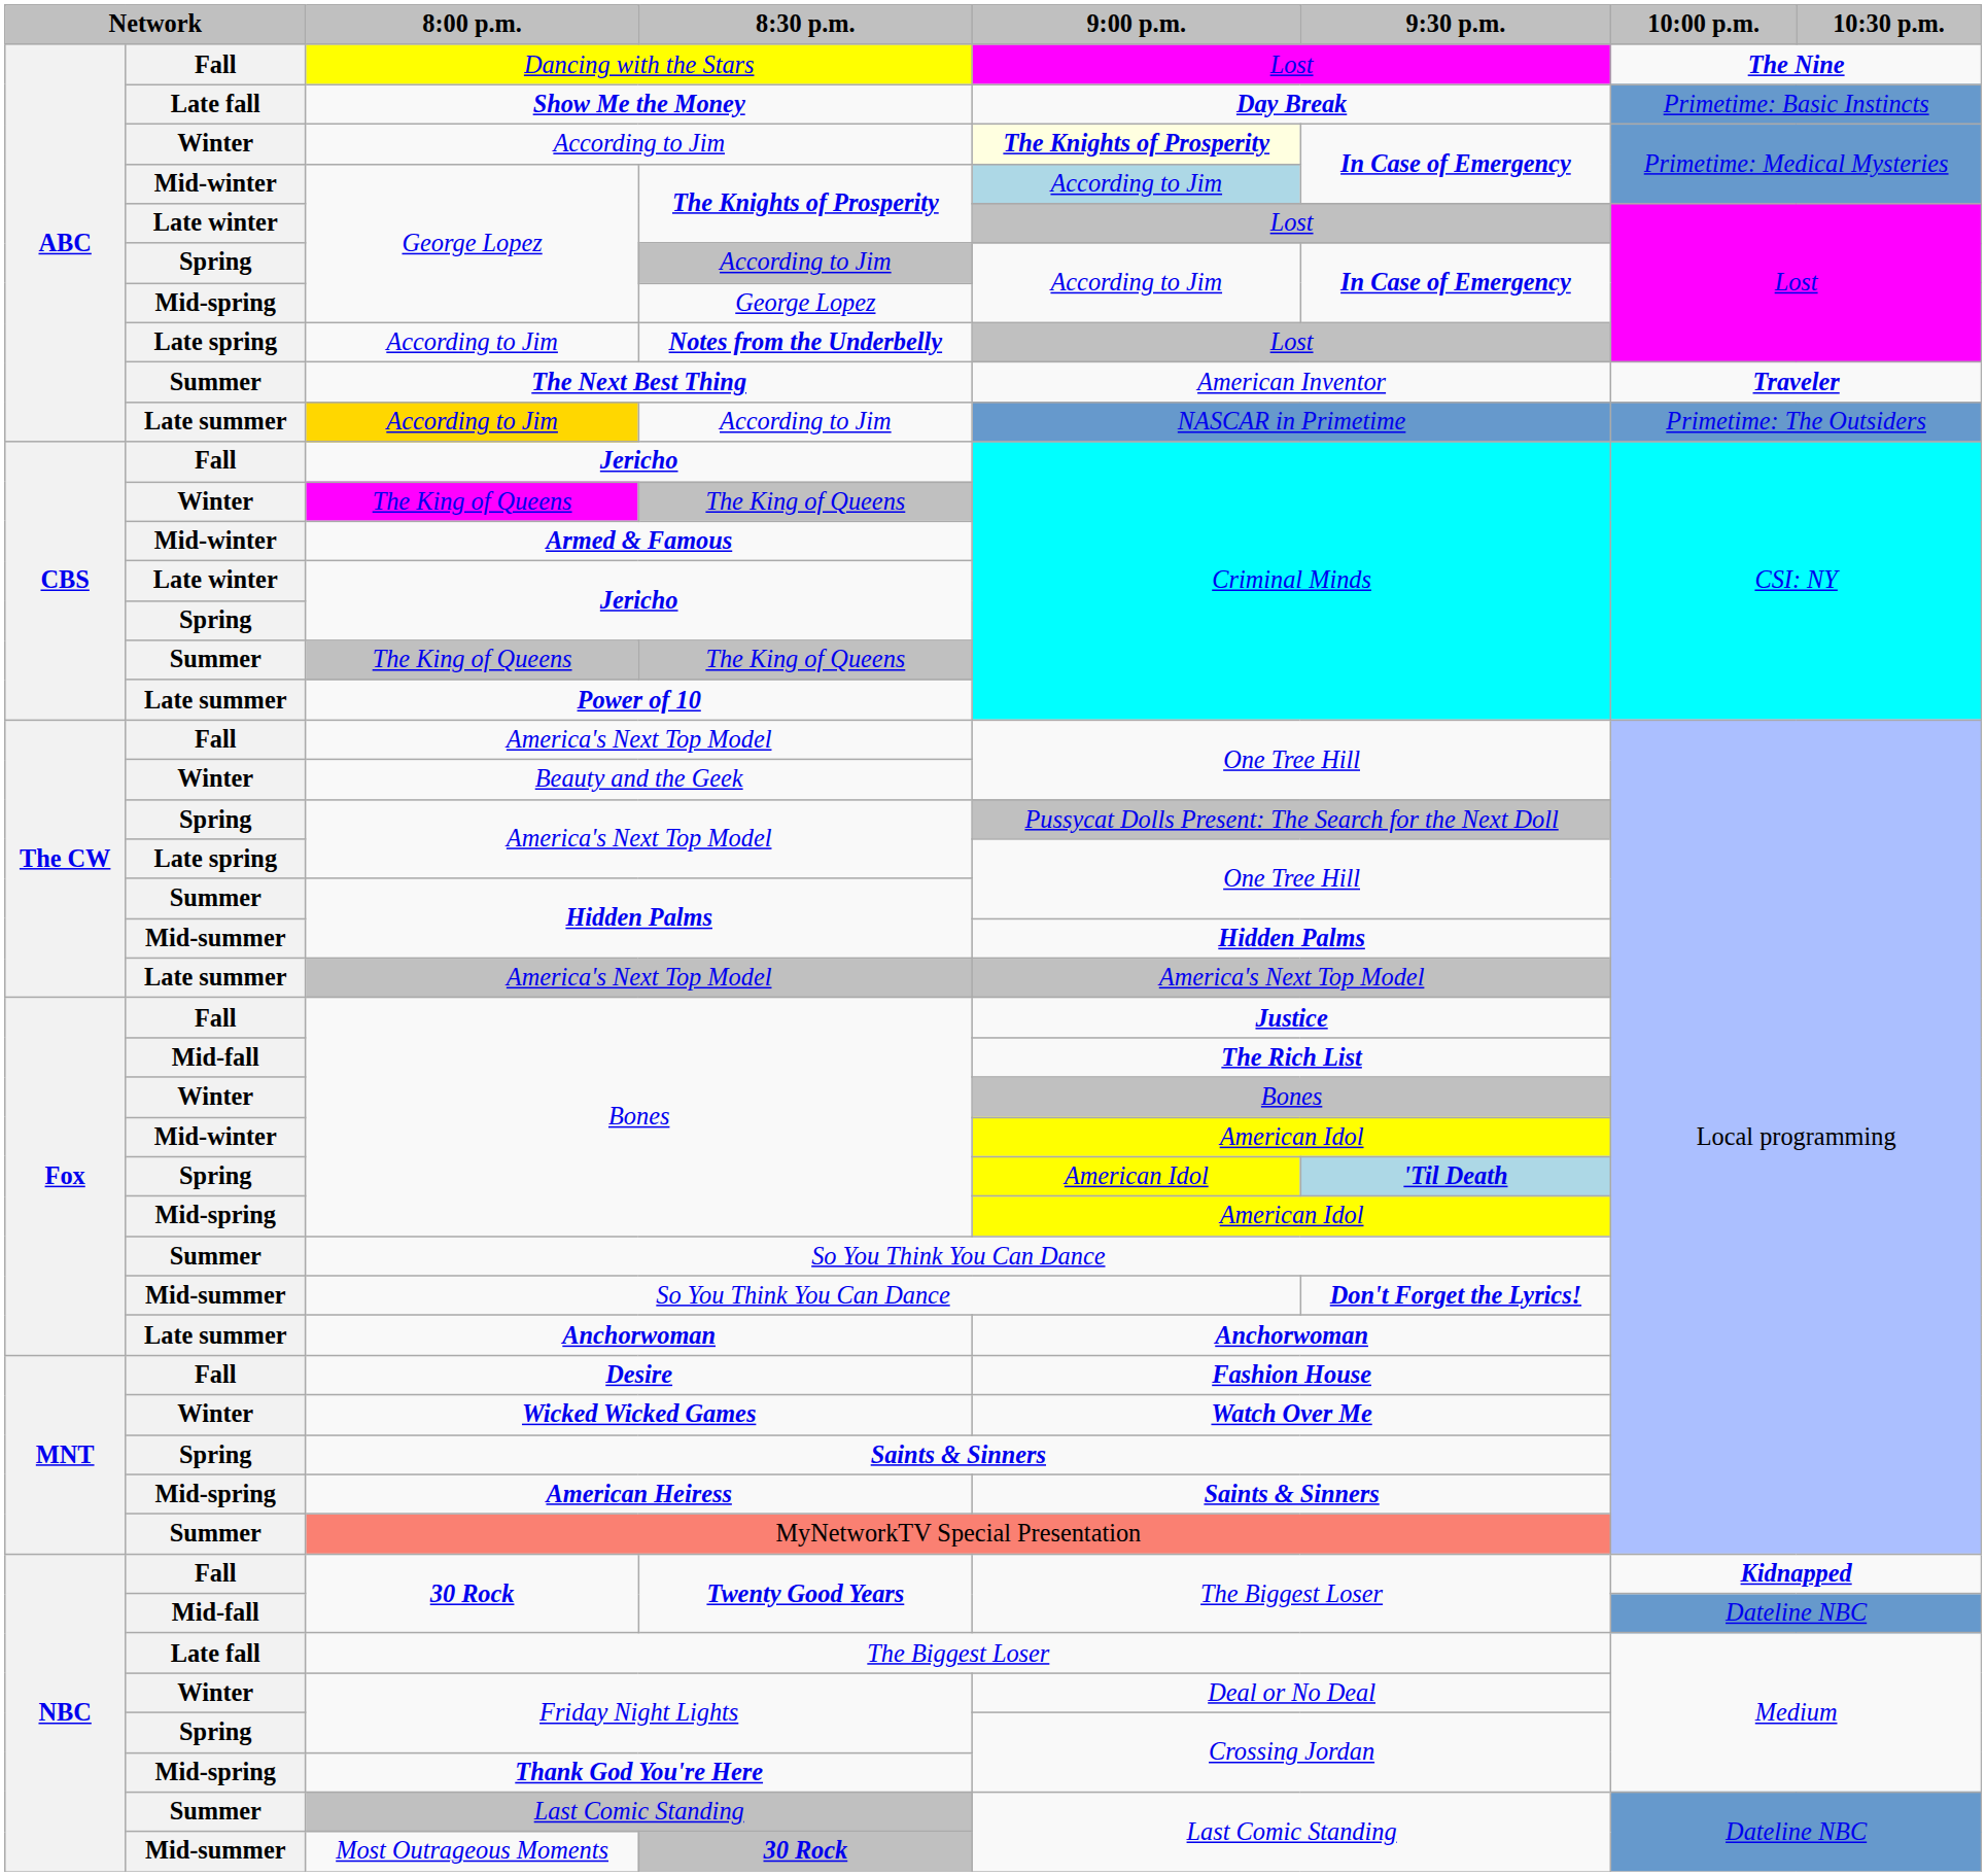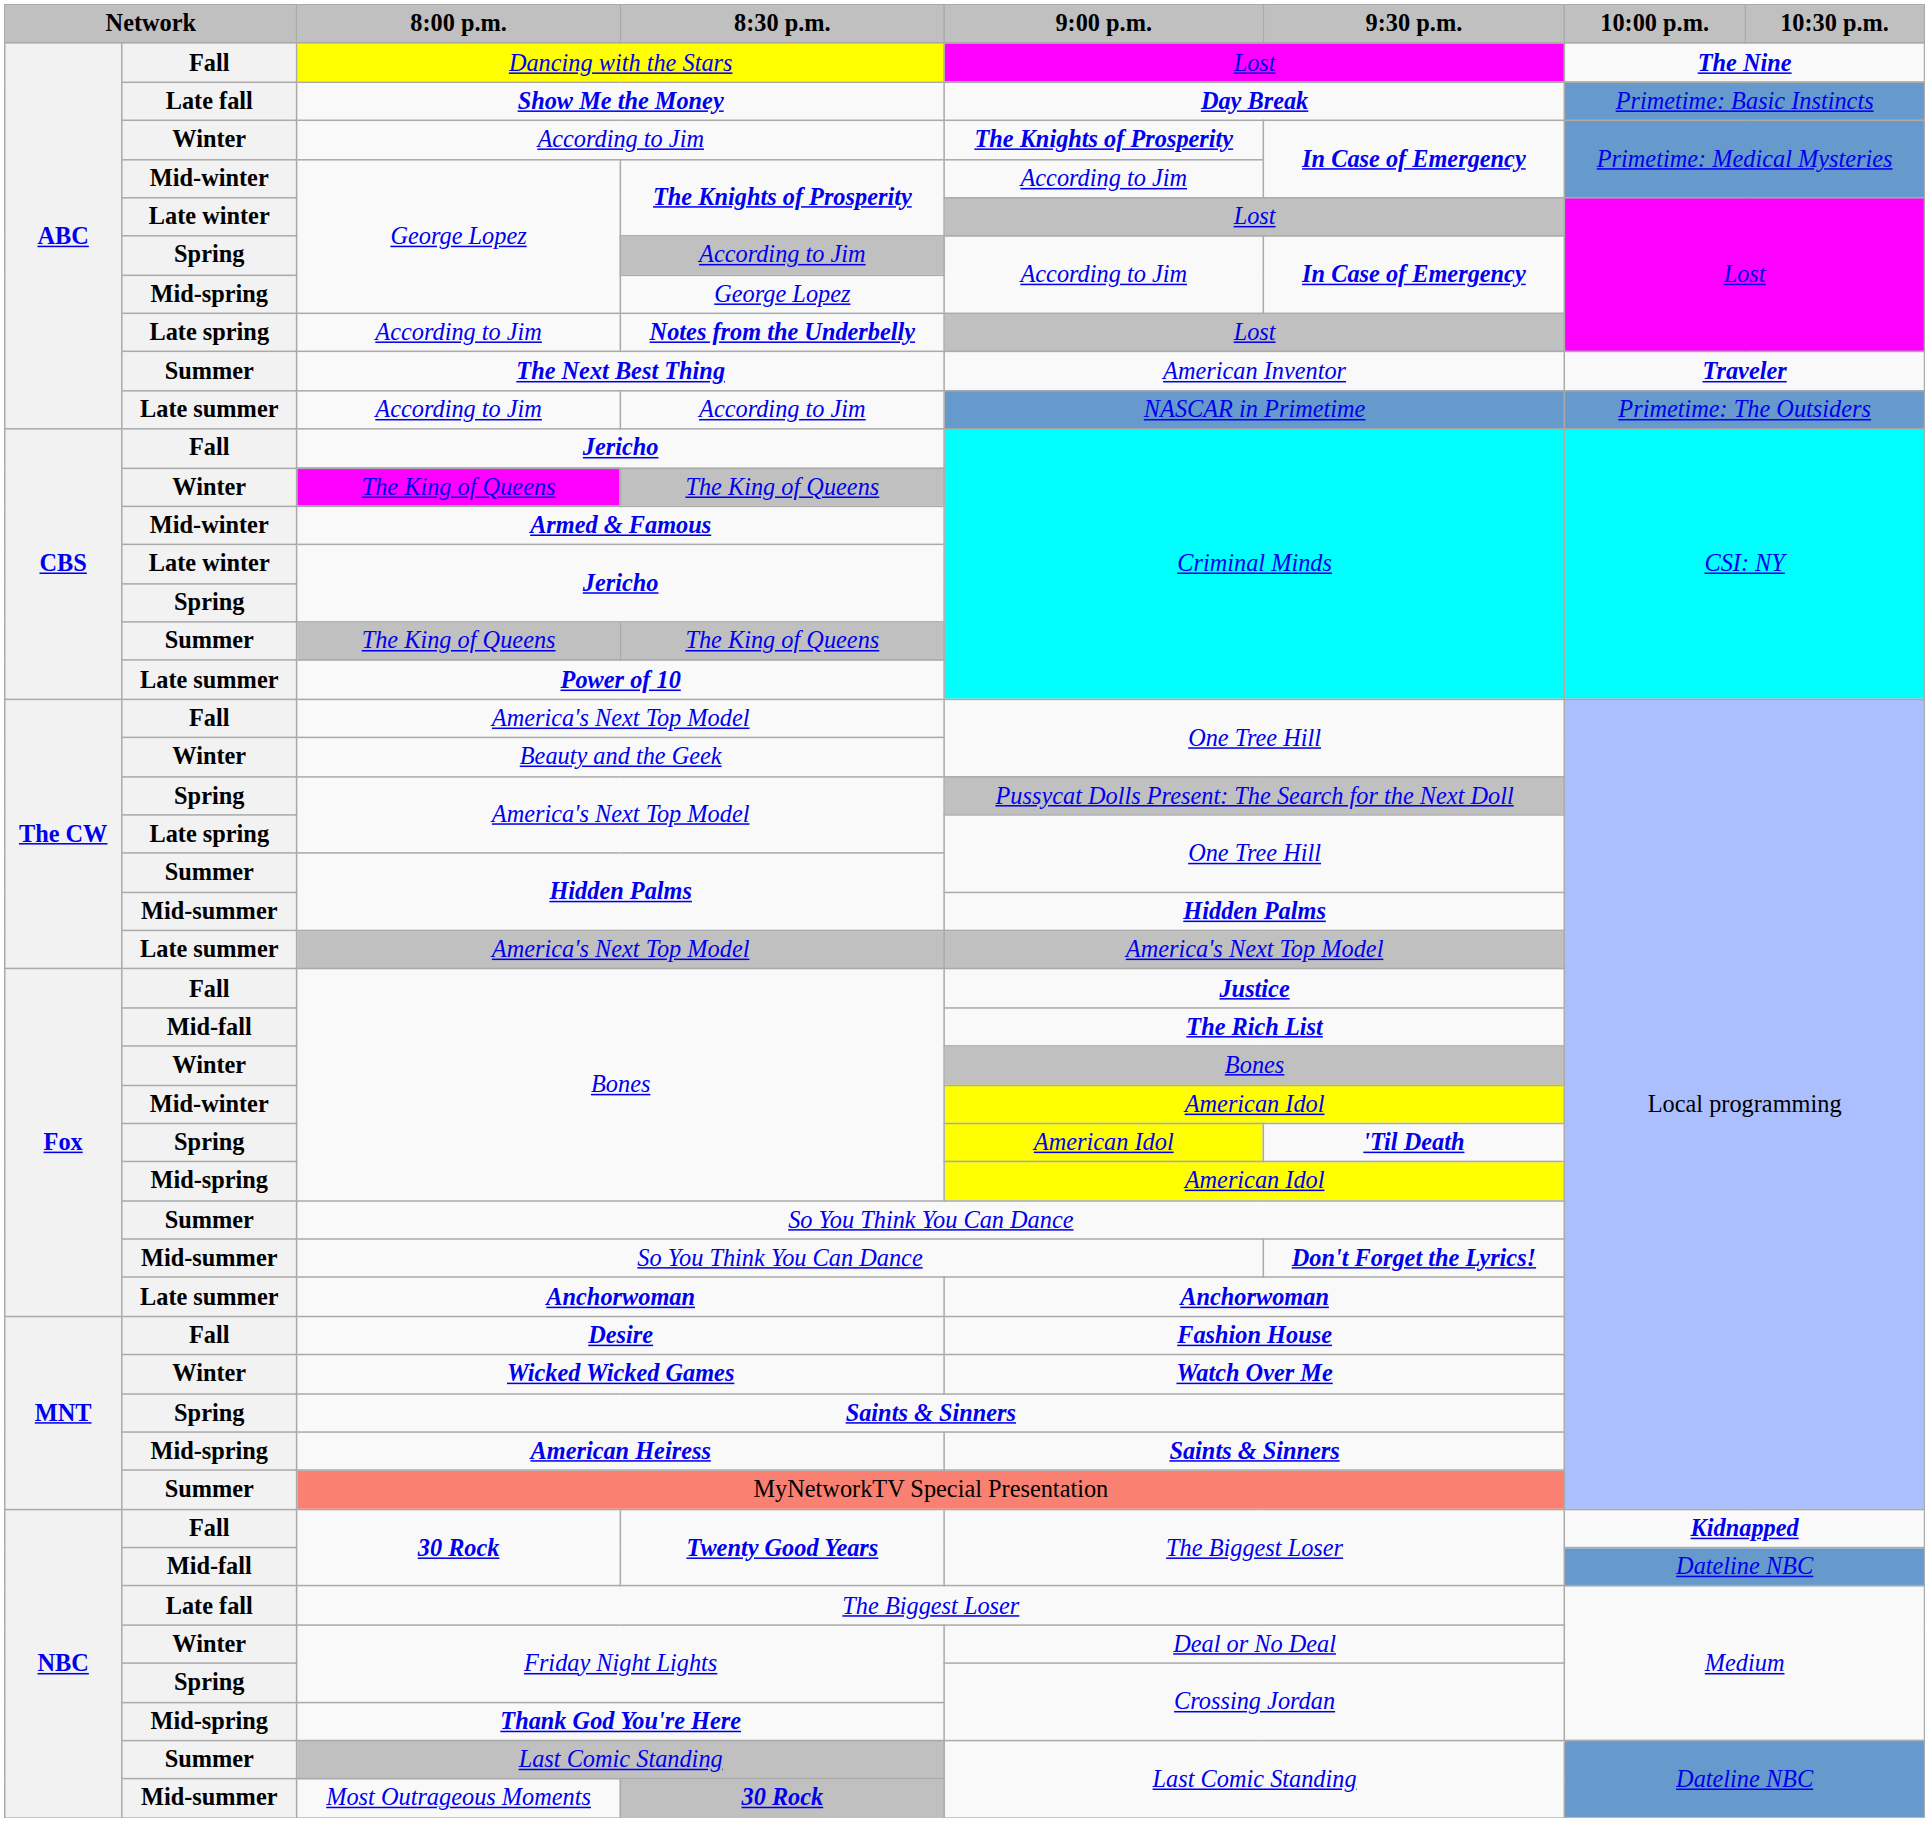 <table class="wikitable" style="width:100%;margin-right:0;text-align:center">
 <tr>
 <th colspan="2" style="background-color:#C0C0C0;text-align:center">Network</th>
 <th style="background-color:#C0C0C0;text-align:center">8:00 p.m.</th>
 <th style="background-color:#C0C0C0;text-align:center">8:30 p.m.</th>
 <th style="background-color:#C0C0C0;text-align:center">9:00 p.m.</th>
 <th style="background-color:#C0C0C0;text-align:center">9:30 p.m.</th>
 <th style="background-color:#C0C0C0;text-align:center">10:00 p.m.</th>
 <th style="background-color:#C0C0C0;text-align:center">10:30 p.m.</th>
 </tr>
 <tr>
 <th rowspan="10"><a href='#'>ABC</a></th>
 <th>Fall</th>
 <td colspan="2" style="background:yellow;"><em><a href='#'>Dancing with the Stars</a></em> </td>
 <td colspan="2" style="background:magenta;"><em><a href='#'>Lost</a></em> </td>
 <td colspan="2"><strong><em><a href='#'>The Nine</a></em></strong></td>
 </tr>
 <tr>
 <th>Late fall</th>
 <td colspan="2"><strong><em><a href='#'>Show Me the Money</a></em></strong></td>
 <td colspan="2"><strong><em><a href='#'>Day Break</a></em></strong></td>
 <td style="background:#6699CC;" colspan="2"><em><a href='#'>Primetime: Basic Instincts</a></em></td>
 </tr>
 <tr>
 <th>Winter</th>
 <td colspan="2"><em><a href='#'>According to Jim</a></em></td>
-<td style="background: lightyellow;"><strong><em><a href='#'>The Knights of Prosperity</a></em></strong></td>
+<td><strong><em><a href='#'>The Knights of Prosperity</a></em></strong></td>
 <td rowspan="2"><strong><em><a href='#'>In Case of Emergency</a></em></strong></td>
 <td style="background:#6699CC;" colspan="2" rowspan="2"><em><a href='#'>Primetime: Medical Mysteries</a></em></td>
 </tr>
 <tr>
 <th>Mid-winter</th>
 <td rowspan="4"><em><a href='#'>George Lopez</a></em></td>
 <td rowspan="2"><strong><em><a href='#'>The Knights of Prosperity</a></em></strong></td>
-<td style="background: lightblue;"><em><a href='#'>According to Jim</a></em></td>
+<td><em><a href='#'>According to Jim</a></em></td>
 </tr>
 <tr>
 <th>Late winter</th>
 <td style="background:#C0C0C0;" colspan="2"><em><a href='#'>Lost</a></em> </td>
 <td colspan="2" rowspan="4" style="background:magenta;"><em><a href='#'>Lost</a></em> </td>
 </tr>
 <tr>
 <th>Spring</th>
 <td style="background:#C0C0C0;"><em><a href='#'>According to Jim</a></em> </td>
 <td rowspan="2"><em><a href='#'>According to Jim</a></em></td>
 <td rowspan="2"><strong><em><a href='#'>In Case of Emergency</a></em></strong></td>
 </tr>
 <tr>
 <th>Mid-spring</th>
 <td><em><a href='#'>George Lopez</a></em></td>
 </tr>
 <tr>
 <th>Late spring</th>
 <td><em><a href='#'>According to Jim</a></em></td>
 <td><strong><em><a href='#'>Notes from the Underbelly</a></em></strong></td>
 <td style="background:#C0C0C0;" colspan="2"><em><a href='#'>Lost</a></em> </td>
 </tr>
 <tr>
 <th>Summer</th>
 <td colspan="2"><strong><em><a href='#'>The Next Best Thing</a></em></strong></td>
 <td colspan="2"><em><a href='#'>American Inventor</a></em></td>
 <td colspan="2"><strong><em><a href='#'>Traveler</a></em></strong></td>
 </tr>
 <tr>
 <th>Late summer</th>
-<td style="background: gold;"><em><a href='#'>According to Jim</a></em></td>
+<td><em><a href='#'>According to Jim</a></em></td>
 <td><em><a href='#'>According to Jim</a></em></td>
 <td style="background:#6699CC;" colspan="2"><em><a href='#'>NASCAR in Primetime</a></em></td>
 <td style="background:#6699CC;" colspan="2"><em><a href='#'>Primetime: The Outsiders</a></em></td>
 </tr>
 <tr>
 <th rowspan="7"><a href='#'>CBS</a></th>
 <th>Fall</th>
 <td colspan="2"><strong><em><a href='#'>Jericho</a></em></strong></td>
 <td style="background:cyan;" colspan="2" rowspan="7"><em><a href='#'>Criminal Minds</a></em> </td>
 <td style="background:cyan;" colspan="2" rowspan="7"><em><a href='#'>CSI: NY</a></em> </td>
 </tr>
 <tr>
 <th>Winter</th>
 <td style="background:magenta;"><em><a href='#'>The King of Queens</a></em> </td>
 <td style="background:#C0C0C0;"><em><a href='#'>The King of Queens</a></em> </td>
 </tr>
 <tr>
 <th>Mid-winter</th>
 <td colspan="2"><strong><em><a href='#'>Armed & Famous</a></em></strong></td>
 </tr>
 <tr>
 <th>Late winter</th>
 <td colspan="2" rowspan="2"><strong><em><a href='#'>Jericho</a></em></strong></td>
 </tr>
 <tr>
 <th>Spring</th>
 </tr>
 <tr>
 <th>Summer</th>
 <td style="background:#C0C0C0;"><em><a href='#'>The King of Queens</a></em> </td>
 <td style="background:#C0C0C0;"><em><a href='#'>The King of Queens</a></em> </td>
 </tr>
 <tr>
 <th>Late summer</th>
 <td colspan="2"><strong><em><a href='#'>Power of 10</a></em></strong></td>
 </tr>
 <tr>
 <th rowspan="7"><a href='#'>The CW</a></th>
 <th>Fall</th>
 <td colspan="2"><em><a href='#'>America's Next Top Model</a></em></td>
 <td colspan="2" rowspan="2"><em><a href='#'>One Tree Hill</a></em></td>
 <td style="background:#abbfff;" rowspan="21" colspan="2">Local programming</td>
 </tr>
 <tr>
 <th>Winter</th>
 <td colspan="2"><em><a href='#'>Beauty and the Geek</a></em></td>
 </tr>
 <tr>
 <th>Spring</th>
 <td colspan="2" rowspan="2"><em><a href='#'>America's Next Top Model</a></em></td>
 <td colspan="2" style="background:#C0C0C0;"><em><a href='#'>Pussycat Dolls Present: The Search for the Next Doll</a></em> </td>
 </tr>
 <tr>
 <th>Late spring</th>
 <td colspan="2" rowspan="2"><em><a href='#'>One Tree Hill</a></em></td>
 </tr>
 <tr>
 <th>Summer</th>
 <td colspan="2" rowspan="2"><strong><em><a href='#'>Hidden Palms</a></em></strong></td>
 </tr>
 <tr>
 <th>Mid-summer</th>
 <td colspan="2"><strong><em><a href='#'>Hidden Palms</a></em></strong></td>
 </tr>
 <tr>
 <th>Late summer</th>
 <td colspan="2" style="background:#C0C0C0;"><em><a href='#'>America's Next Top Model</a></em> </td>
 <td colspan="2" style="background:#C0C0C0;"><em><a href='#'>America's Next Top Model</a></em> </td>
 </tr>
 <tr>
 <th rowspan="9"><a href='#'>Fox</a></th>
 <th>Fall</th>
 <td colspan="2" rowspan="6"><em><a href='#'>Bones</a></em></td>
 <td colspan="2"><strong><em><a href='#'>Justice</a></em></strong></td>
 </tr>
 <tr>
 <th>Mid-fall</th>
 <td colspan="2"><strong><em><a href='#'>The Rich List</a></em></strong></td>
 </tr>
 <tr>
 <th>Winter</th>
 <td colspan="2" style="background:#C0C0C0;"><em><a href='#'>Bones</a></em> </td>
 </tr>
 <tr>
 <th>Mid-winter</th>
 <td colspan="2" style="background:yellow;"><em><a href='#'>American Idol</a></em> </td>
 </tr>
 <tr>
 <th>Spring</th>
 <td style="background:yellow;"><em><a href='#'>American Idol</a></em> </td>
-<td style="background: lightblue;"><strong><em><a href='#'>'Til Death</a></em></strong></td>
+<td><strong><em><a href='#'>'Til Death</a></em></strong></td>
 </tr>
 <tr>
 <th>Mid-spring</th>
 <td colspan="2" style="background:yellow;"><em><a href='#'>American Idol</a></em> </td>
 </tr>
 <tr>
 <th>Summer</th>
 <td colspan="4"><em><a href='#'>So You Think You Can Dance</a></em></td>
 </tr>
 <tr>
 <th>Mid-summer</th>
 <td colspan="3"><em><a href='#'>So You Think You Can Dance</a></em></td>
 <td><strong><em><a href='#'>Don't Forget the Lyrics!</a></em></strong></td>
 </tr>
 <tr>
 <th>Late summer</th>
 <td colspan="2"><strong><em><a href='#'>Anchorwoman</a></em></strong></td>
 <td colspan="2"><strong><em><a href='#'>Anchorwoman</a></em></strong></td>
 </tr>
 <tr>
 <th rowspan="5"><a href='#'>MNT</a></th>
 <th>Fall</th>
 <td colspan="2"><strong><em><a href='#'>Desire</a></em></strong></td>
 <td colspan="2"><strong><em><a href='#'>Fashion House</a></em></strong></td>
 </tr>
 <tr>
 <th>Winter</th>
 <td colspan="2"><strong><em><a href='#'>Wicked Wicked Games</a></em></strong></td>
 <td colspan="2"><strong><em><a href='#'>Watch Over Me</a></em></strong></td>
 </tr>
 <tr>
 <th>Spring</th>
 <td colspan="4"><strong><em><a href='#'>Saints & Sinners</a></em></strong></td>
 </tr>
 <tr>
 <th>Mid-spring</th>
 <td colspan="2"><strong><em><a href='#'>American Heiress</a></em></strong></td>
 <td colspan="2"><strong><em><a href='#'>Saints & Sinners</a></em></strong></td>
 </tr>
 <tr>
 <th>Summer</th>
 <td style="background:#FA8072" colspan="4">MyNetworkTV Special Presentation</td>
 </tr>
 <tr>
 <th rowspan="8"><a href='#'>NBC</a></th>
 <th>Fall</th>
 <td rowspan="2"><strong><em><a href='#'>30 Rock</a></em></strong></td>
 <td rowspan="2"><strong><em><a href='#'>Twenty Good Years</a></em></strong></td>
 <td rowspan="2" colspan="2"><em><a href='#'>The Biggest Loser</a></em></td>
 <td colspan="2"><strong><em><a href='#'>Kidnapped</a></em></strong></td>
 </tr>
 <tr>
 <th>Mid-fall</th>
 <td style="background:#6699CC" colspan="2"><em><a href='#'>Dateline NBC</a></em></td>
 </tr>
 <tr>
 <th>Late fall</th>
 <td colspan="4"><em><a href='#'>The Biggest Loser</a></em></td>
 <td rowspan="4" colspan="2"><em><a href='#'>Medium</a></em></td>
 </tr>
 <tr>
 <th>Winter</th>
 <td colspan="2" rowspan="2"><em><a href='#'>Friday Night Lights</a></em></td>
 <td colspan="2"><em><a href='#'>Deal or No Deal</a></em></td>
 </tr>
 <tr>
 <th>Spring</th>
 <td colspan="2" rowspan="2"><em><a href='#'>Crossing Jordan</a></em></td>
 </tr>
 <tr>
 <th>Mid-spring</th>
 <td colspan="2"><strong><em><a href='#'>Thank God You're Here</a></em></strong></td>
 </tr>
 <tr>
 <th>Summer</th>
 <td colspan="2" style="background:#C0C0C0;"><em><a href='#'>Last Comic Standing</a></em> </td>
 <td colspan="2" rowspan="2"><em><a href='#'>Last Comic Standing</a></em></td>
 <td style="background:#6699CC;" colspan="2" rowspan="2"><em><a href='#'>Dateline NBC</a></em></td>
 </tr>
 <tr>
 <th>Mid-summer</th>
 <td><em><a href='#'>Most Outrageous Moments</a></em></td>
 <td style="background:#C0C0C0;"><strong><em><a href='#'>30 Rock</a></em></strong> </td>
 </tr>
 </table>
